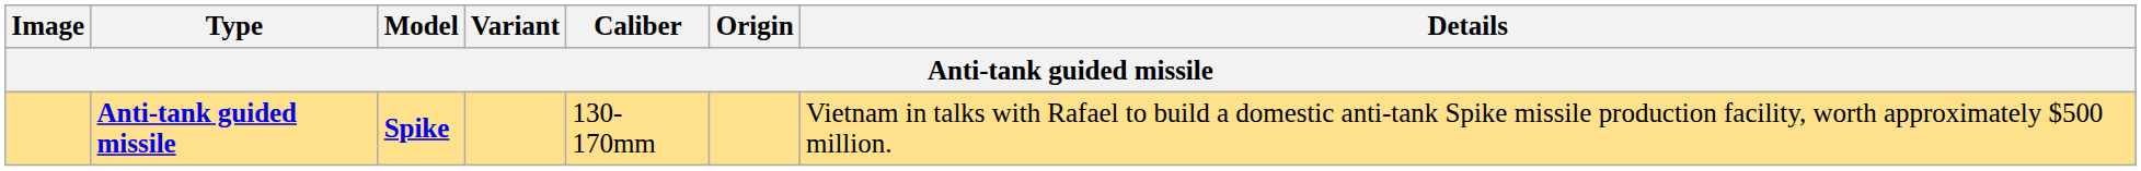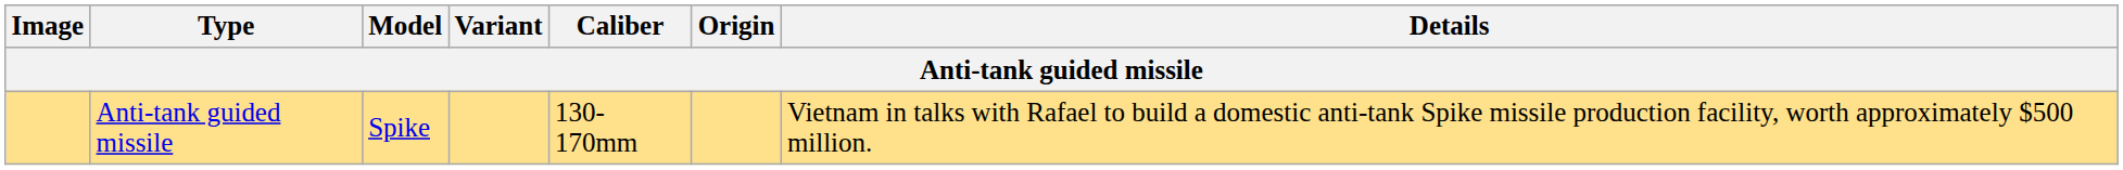 <table class="wikitable">
 <tr>
 <th>Image</th>
 <th>Type</th>
 <th>Model</th>
 <th>Variant</th>
 <th>Caliber</th>
 <th>Origin</th>
 <th>Details</th>
 </tr>
 <tr>
 <th colspan="7">Anti-tank guided missile</th>
 </tr>
 <tr>
 <td style="background: #FFE18B"></td>
-<td style="background: #FFE18B"><strong><a href='#'>Anti-tank guided missile</a></strong></td>
-<td style="background: #FFE18B"><strong><a href='#'>Spike</a></strong></td>
+<td style="background: #FFE18B"><a href='#'>Anti-tank guided missile</a></td>
+<td style="background: #FFE18B"><a href='#'>Spike</a></td>
 <td style="background: #FFE18B"></td>
 <td style="background: #FFE18B">130-170mm</td>
 <td style="background: #FFE18B"></td>
 <td style="background: #FFE18B">Vietnam in talks with Rafael to build a domestic anti-tank Spike missile production facility, worth approximately $500 million.</td>
 </tr>
 </table>
